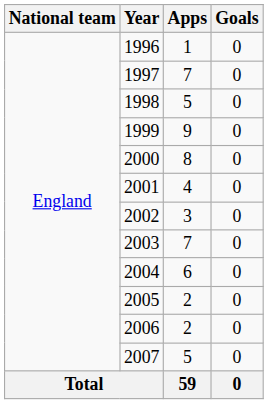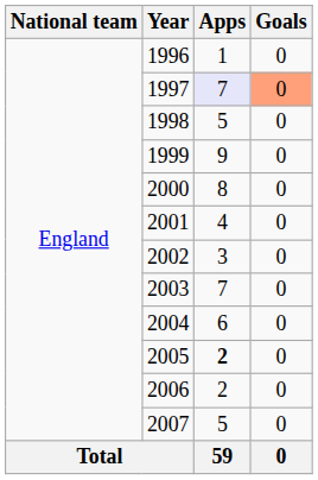 <table class="wikitable" style="text-align:center">
 <tr>
 <th>National team</th>
 <th>Year</th>
 <th>Apps</th>
 <th>Goals</th>
 </tr>
 <tr>
 <td rowspan="12"><a href='#'>England</a></td>
 <td>1996</td>
 <td>1</td>
 <td>0</td>
 </tr>
 <tr>
 <td>1997</td>
-<td>7</td>
-<td>0</td>
+<td style="background: lavender;">7</td>
+<td style="background: lightsalmon;">0</td>
 </tr>
 <tr>
 <td>1998</td>
 <td>5</td>
 <td>0</td>
 </tr>
 <tr>
 <td>1999</td>
 <td>9</td>
 <td>0</td>
 </tr>
 <tr>
 <td>2000</td>
 <td>8</td>
 <td>0</td>
 </tr>
 <tr>
 <td>2001</td>
 <td>4</td>
 <td>0</td>
 </tr>
 <tr>
 <td>2002</td>
 <td>3</td>
 <td>0</td>
 </tr>
 <tr>
 <td>2003</td>
 <td>7</td>
 <td>0</td>
 </tr>
 <tr>
 <td>2004</td>
 <td>6</td>
 <td>0</td>
 </tr>
 <tr>
 <td>2005</td>
-<td>2</td>
+<td><strong>2</strong></td>
 <td>0</td>
 </tr>
 <tr>
 <td>2006</td>
 <td>2</td>
 <td>0</td>
 </tr>
 <tr>
 <td>2007</td>
 <td>5</td>
 <td>0</td>
 </tr>
 <tr>
 <th colspan="2">Total</th>
 <th>59</th>
 <th>0</th>
 </tr>
 </table>
